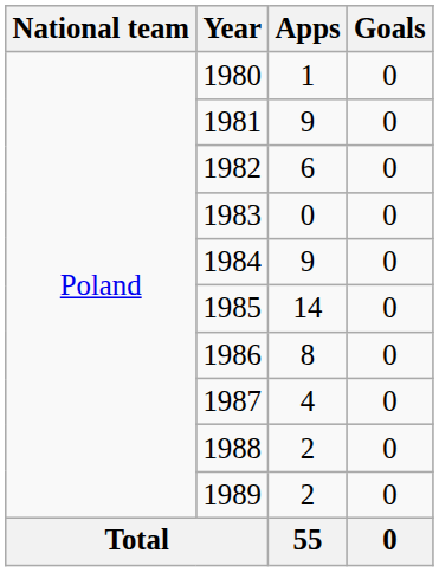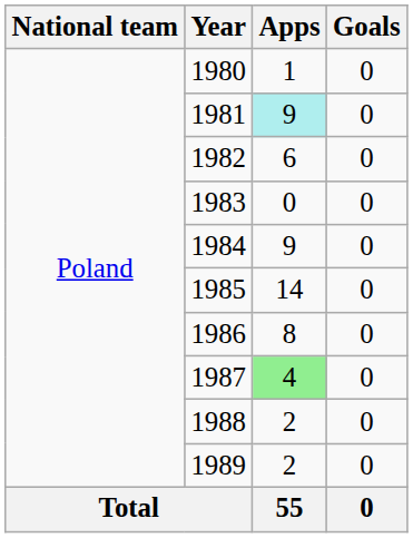 <table class="wikitable" style="text-align:center">
 <tr>
 <th>National team</th>
 <th>Year</th>
 <th>Apps</th>
 <th>Goals</th>
 </tr>
 <tr>
 <td rowspan="10"><a href='#'>Poland</a></td>
 <td>1980</td>
 <td>1</td>
 <td>0</td>
 </tr>
 <tr>
 <td>1981</td>
-<td>9</td>
+<td style="background: paleturquoise;">9</td>
 <td>0</td>
 </tr>
 <tr>
 <td>1982</td>
 <td>6</td>
 <td>0</td>
 </tr>
 <tr>
 <td>1983</td>
 <td>0</td>
 <td>0</td>
 </tr>
 <tr>
 <td>1984</td>
 <td>9</td>
 <td>0</td>
 </tr>
 <tr>
 <td>1985</td>
 <td>14</td>
 <td>0</td>
 </tr>
 <tr>
 <td>1986</td>
 <td>8</td>
 <td>0</td>
 </tr>
 <tr>
 <td>1987</td>
-<td>4</td>
+<td style="background: lightgreen;">4</td>
 <td>0</td>
 </tr>
 <tr>
 <td>1988</td>
 <td>2</td>
 <td>0</td>
 </tr>
 <tr>
 <td>1989</td>
 <td>2</td>
 <td>0</td>
 </tr>
 <tr>
 <th colspan="2">Total</th>
 <th>55</th>
 <th>0</th>
 </tr>
 </table>
